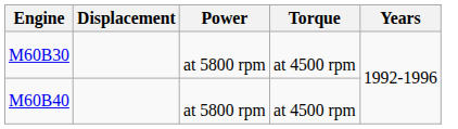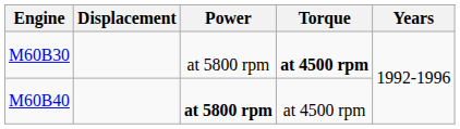 <table class="wikitable sortable" style="text-align: center;">
 <tr>
 <th>Engine</th>
 <th>Displacement</th>
 <th>Power</th>
 <th>Torque</th>
 <th>Years</th>
 </tr>
 <tr>
 <td><a href='#'>M60B30</a></td>
 <td></td>
 <td><br> at 5800 rpm</td>
-<td><br>at 4500 rpm</td>
+<td><strong><br>at 4500 rpm</strong></td>
 <td rowspan=2>1992-1996</td>
 </tr>
 <tr>
 <td><a href='#'>M60B40</a></td>
 <td></td>
-<td><br> at 5800 rpm</td>
+<td><strong><br> at 5800 rpm</strong></td>
 <td><br> at 4500 rpm</td>
 </tr>
 </table>
